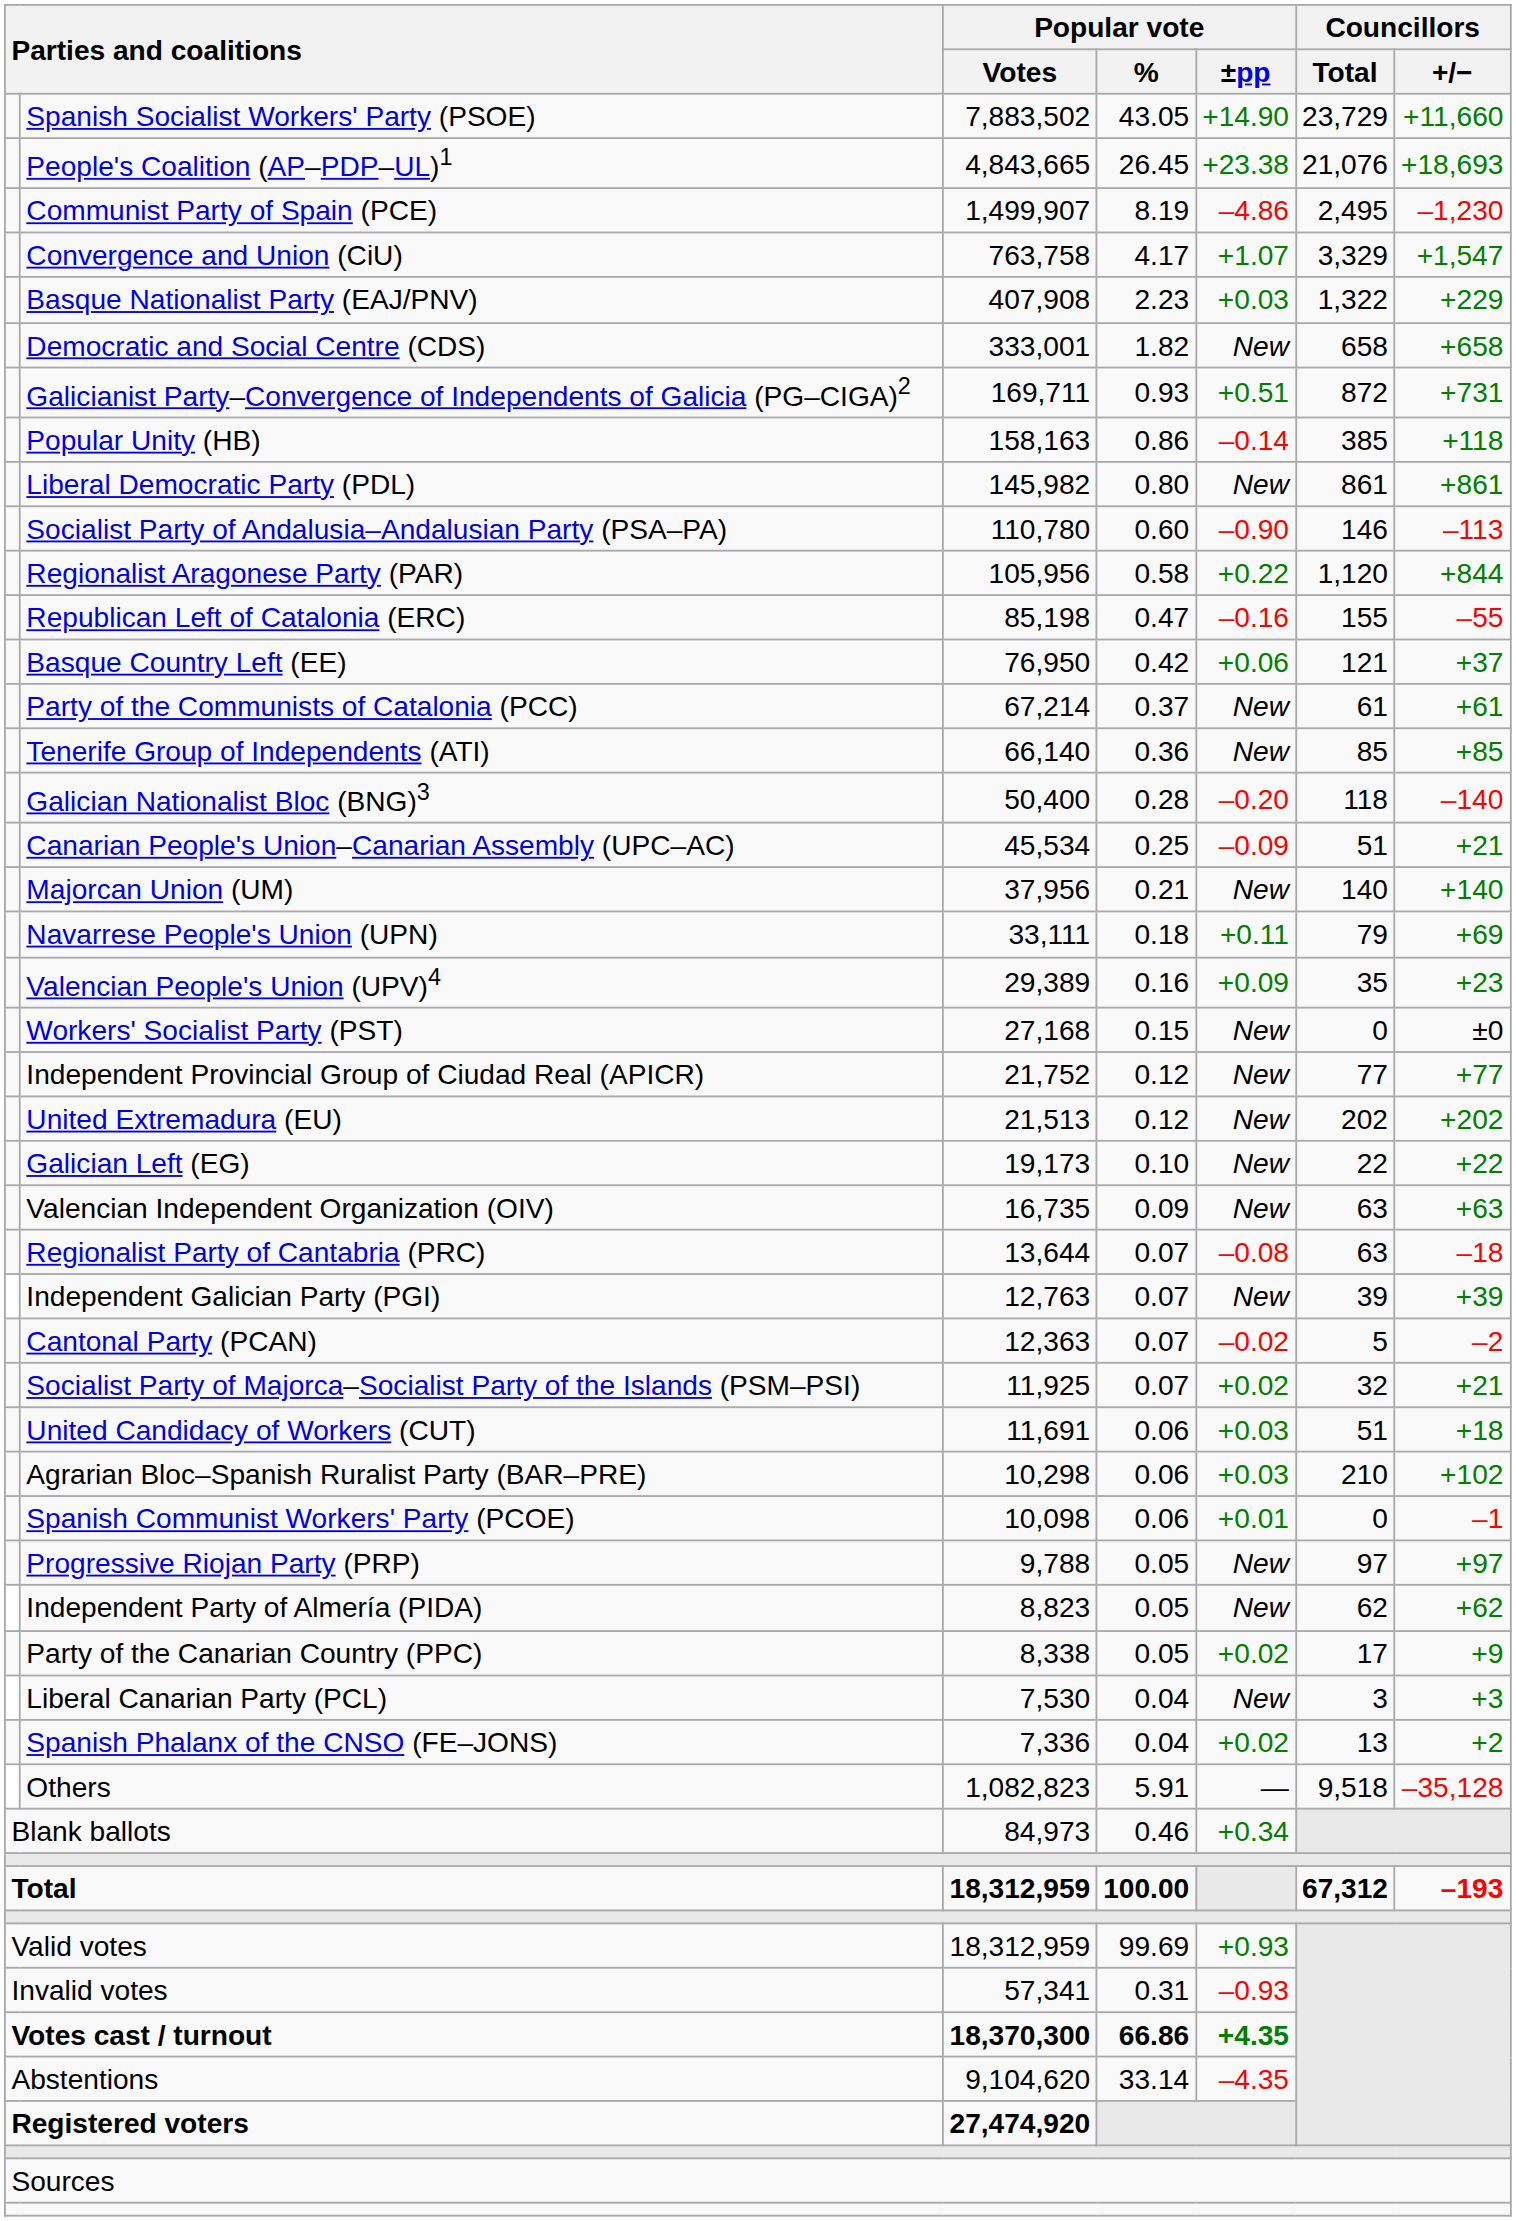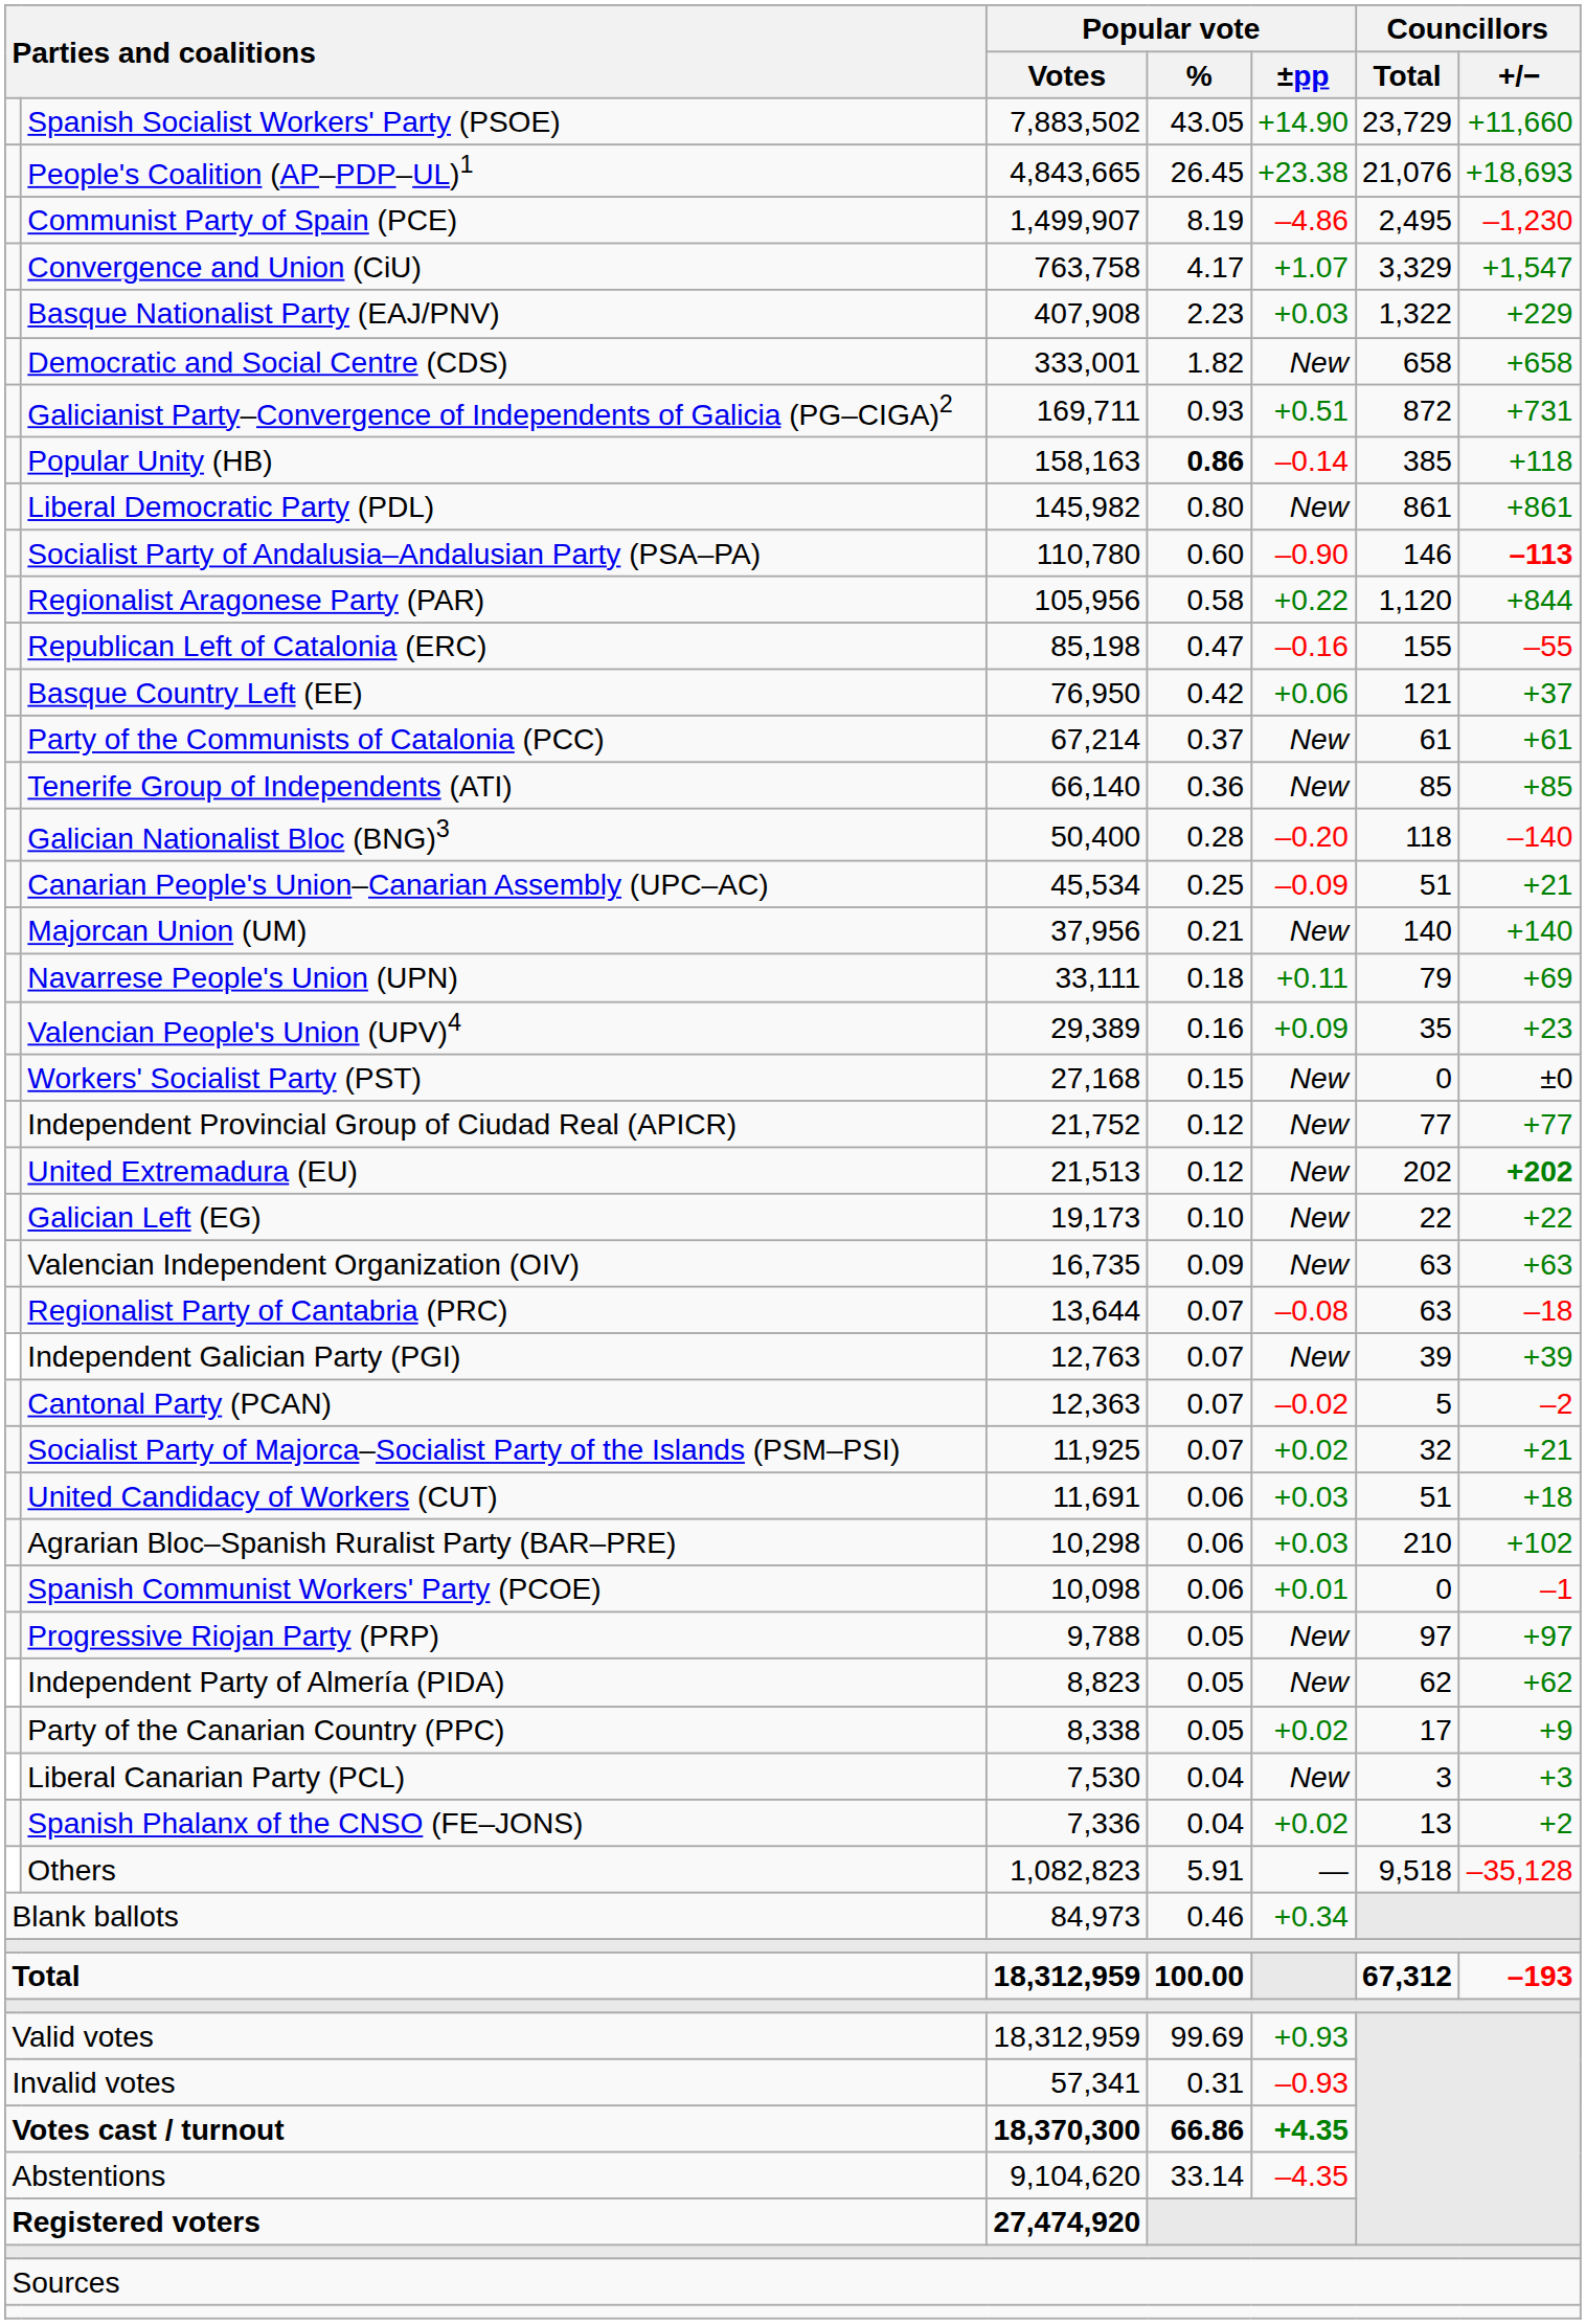 <table class="wikitable" style="text-align:right; font-size:95%;">
 <tr>
 <th style="text-align:left;" rowspan="2" colspan="2" width="500">Parties and coalitions</th>
 <th colspan="3">Popular vote</th>
 <th colspan="2">Councillors</th>
 </tr>
 <tr>
 <th width="75">Votes</th>
 <th width="45">%</th>
 <th width="45">±<a href='#'>pp</a></th>
 <th width="45">Total</th>
 <th width="45">+/−</th>
 </tr>
 <tr>
 <td width="1" style="color:inherit;background:"></td>
 <td align="left"><a href='#'>Spanish Socialist Workers' Party</a> (PSOE)</td>
 <td>7,883,502</td>
 <td>43.05</td>
 <td style="color:green;">+14.90</td>
 <td>23,729</td>
 <td style="color:green;">+11,660</td>
 </tr>
 <tr>
 <td style="color:inherit;background:"></td>
 <td align="left"><a href='#'>People's Coalition</a> (<a href='#'>AP</a>–<a href='#'>PDP</a>–<a href='#'>UL</a>)<sup>1</sup></td>
 <td>4,843,665</td>
 <td>26.45</td>
 <td style="color:green;">+23.38</td>
 <td>21,076</td>
 <td style="color:green;">+18,693</td>
 </tr>
 <tr>
 <td style="color:inherit;background:"></td>
 <td align="left"><a href='#'>Communist Party of Spain</a> (PCE)</td>
 <td>1,499,907</td>
 <td>8.19</td>
 <td style="color:red;">–4.86</td>
 <td>2,495</td>
 <td style="color:red;">–1,230</td>
 </tr>
 <tr>
 <td style="color:inherit;background:"></td>
 <td align="left"><a href='#'>Convergence and Union</a> (CiU)</td>
 <td>763,758</td>
 <td>4.17</td>
 <td style="color:green;">+1.07</td>
 <td>3,329</td>
 <td style="color:green;">+1,547</td>
 </tr>
 <tr>
 <td style="color:inherit;background:"></td>
 <td align="left"><a href='#'>Basque Nationalist Party</a> (EAJ/PNV)</td>
 <td>407,908</td>
 <td>2.23</td>
 <td style="color:green;">+0.03</td>
 <td>1,322</td>
 <td style="color:green;">+229</td>
 </tr>
 <tr>
 <td style="color:inherit;background:"></td>
 <td align="left"><a href='#'>Democratic and Social Centre</a> (CDS)</td>
 <td>333,001</td>
 <td>1.82</td>
 <td><em>New</em></td>
 <td>658</td>
 <td style="color:green;">+658</td>
 </tr>
 <tr>
 <td style="color:inherit;background:"></td>
 <td align="left"><a href='#'>Galicianist Party</a>–<a href='#'>Convergence of Independents of Galicia</a> (PG–CIGA)<sup>2</sup></td>
 <td>169,711</td>
 <td>0.93</td>
 <td style="color:green;">+0.51</td>
 <td>872</td>
 <td style="color:green;">+731</td>
 </tr>
 <tr>
 <td style="color:inherit;background:"></td>
 <td align="left"><a href='#'>Popular Unity</a> (HB)</td>
 <td>158,163</td>
-<td>0.86</td>
+<td><strong>0.86</strong></td>
 <td style="color:red;">–0.14</td>
 <td>385</td>
 <td style="color:green;">+118</td>
 </tr>
 <tr>
 <td style="color:inherit;background:"></td>
 <td align="left"><a href='#'>Liberal Democratic Party</a> (PDL)</td>
 <td>145,982</td>
 <td>0.80</td>
 <td><em>New</em></td>
 <td>861</td>
 <td style="color:green;">+861</td>
 </tr>
 <tr>
 <td style="color:inherit;background:"></td>
 <td align="left"><a href='#'>Socialist Party of Andalusia–Andalusian Party</a> (PSA–PA)</td>
 <td>110,780</td>
 <td>0.60</td>
 <td style="color:red;">–0.90</td>
 <td>146</td>
-<td style="color:red;">–113</td>
+<td style="color:red;"><strong>–113</strong></td>
 </tr>
 <tr>
 <td style="color:inherit;background:"></td>
 <td align="left"><a href='#'>Regionalist Aragonese Party</a> (PAR)</td>
 <td>105,956</td>
 <td>0.58</td>
 <td style="color:green;">+0.22</td>
 <td>1,120</td>
 <td style="color:green;">+844</td>
 </tr>
 <tr>
 <td style="color:inherit;background:"></td>
 <td align="left"><a href='#'>Republican Left of Catalonia</a> (ERC)</td>
 <td>85,198</td>
 <td>0.47</td>
 <td style="color:red;">–0.16</td>
 <td>155</td>
 <td style="color:red;">–55</td>
 </tr>
 <tr>
 <td style="color:inherit;background:"></td>
 <td align="left"><a href='#'>Basque Country Left</a> (EE)</td>
 <td>76,950</td>
 <td>0.42</td>
 <td style="color:green;">+0.06</td>
 <td>121</td>
 <td style="color:green;">+37</td>
 </tr>
 <tr>
 <td style="color:inherit;background:"></td>
 <td align="left"><a href='#'>Party of the Communists of Catalonia</a> (PCC)</td>
 <td>67,214</td>
 <td>0.37</td>
 <td><em>New</em></td>
 <td>61</td>
 <td style="color:green;">+61</td>
 </tr>
 <tr>
 <td style="color:inherit;background:"></td>
 <td align="left"><a href='#'>Tenerife Group of Independents</a> (ATI)</td>
 <td>66,140</td>
 <td>0.36</td>
 <td><em>New</em></td>
 <td>85</td>
 <td style="color:green;">+85</td>
 </tr>
 <tr>
 <td style="color:inherit;background:"></td>
 <td align="left"><a href='#'>Galician Nationalist Bloc</a> (BNG)<sup>3</sup></td>
 <td>50,400</td>
 <td>0.28</td>
 <td style="color:red;">–0.20</td>
 <td>118</td>
 <td style="color:red;">–140</td>
 </tr>
 <tr>
 <td style="color:inherit;background:"></td>
 <td align="left"><a href='#'>Canarian People's Union</a>–<a href='#'>Canarian Assembly</a> (UPC–AC)</td>
 <td>45,534</td>
 <td>0.25</td>
 <td style="color:red;">–0.09</td>
 <td>51</td>
 <td style="color:green;">+21</td>
 </tr>
 <tr>
 <td style="color:inherit;background:"></td>
 <td align="left"><a href='#'>Majorcan Union</a> (UM)</td>
 <td>37,956</td>
 <td>0.21</td>
 <td><em>New</em></td>
 <td>140</td>
 <td style="color:green;">+140</td>
 </tr>
 <tr>
 <td style="color:inherit;background:"></td>
 <td align="left"><a href='#'>Navarrese People's Union</a> (UPN)</td>
 <td>33,111</td>
 <td>0.18</td>
 <td style="color:green;">+0.11</td>
 <td>79</td>
 <td style="color:green;">+69</td>
 </tr>
 <tr>
 <td style="color:inherit;background:"></td>
 <td align="left"><a href='#'>Valencian People's Union</a> (UPV)<sup>4</sup></td>
 <td>29,389</td>
 <td>0.16</td>
 <td style="color:green;">+0.09</td>
 <td>35</td>
 <td style="color:green;">+23</td>
 </tr>
 <tr>
 <td style="color:inherit;background:"></td>
 <td align="left"><a href='#'>Workers' Socialist Party</a> (PST)</td>
 <td>27,168</td>
 <td>0.15</td>
 <td><em>New</em></td>
 <td>0</td>
 <td>±0</td>
 </tr>
 <tr>
 <td style="color:inherit;background:"></td>
 <td align="left">Independent Provincial Group of Ciudad Real (APICR)</td>
 <td>21,752</td>
 <td>0.12</td>
 <td><em>New</em></td>
 <td>77</td>
 <td style="color:green;">+77</td>
 </tr>
 <tr>
 <td style="color:inherit;background:"></td>
 <td align="left"><a href='#'>United Extremadura</a> (EU)</td>
 <td>21,513</td>
 <td>0.12</td>
 <td><em>New</em></td>
 <td>202</td>
-<td style="color:green;">+202</td>
+<td style="color:green;"><strong>+202</strong></td>
 </tr>
 <tr>
 <td style="color:inherit;background:"></td>
 <td align="left"><a href='#'>Galician Left</a> (EG)</td>
 <td>19,173</td>
 <td>0.10</td>
 <td><em>New</em></td>
 <td>22</td>
 <td style="color:green;">+22</td>
 </tr>
 <tr>
 <td style="color:inherit;background:"></td>
 <td align="left">Valencian Independent Organization (OIV)</td>
 <td>16,735</td>
 <td>0.09</td>
 <td><em>New</em></td>
 <td>63</td>
 <td style="color:green;">+63</td>
 </tr>
 <tr>
 <td style="color:inherit;background:"></td>
 <td align="left"><a href='#'>Regionalist Party of Cantabria</a> (PRC)</td>
 <td>13,644</td>
 <td>0.07</td>
 <td style="color:red;">–0.08</td>
 <td>63</td>
 <td style="color:red;">–18</td>
 </tr>
 <tr>
 <td bgcolor="white"></td>
 <td align="left">Independent Galician Party (PGI)</td>
 <td>12,763</td>
 <td>0.07</td>
 <td><em>New</em></td>
 <td>39</td>
 <td style="color:green;">+39</td>
 </tr>
 <tr>
 <td style="color:inherit;background:"></td>
 <td align="left"><a href='#'>Cantonal Party</a> (PCAN)</td>
 <td>12,363</td>
 <td>0.07</td>
 <td style="color:red;">–0.02</td>
 <td>5</td>
 <td style="color:red;">–2</td>
 </tr>
 <tr>
 <td style="color:inherit;background:"></td>
 <td align="left"><a href='#'>Socialist Party of Majorca</a>–<a href='#'>Socialist Party of the Islands</a> (PSM–PSI)</td>
 <td>11,925</td>
 <td>0.07</td>
 <td style="color:green;">+0.02</td>
 <td>32</td>
 <td style="color:green;">+21</td>
 </tr>
 <tr>
 <td style="color:inherit;background:"></td>
 <td align="left"><a href='#'>United Candidacy of Workers</a> (CUT)</td>
 <td>11,691</td>
 <td>0.06</td>
 <td style="color:green;">+0.03</td>
 <td>51</td>
 <td style="color:green;">+18</td>
 </tr>
 <tr>
 <td style="color:inherit;background:"></td>
 <td align="left">Agrarian Bloc–Spanish Ruralist Party (BAR–PRE)</td>
 <td>10,298</td>
 <td>0.06</td>
 <td style="color:green;">+0.03</td>
 <td>210</td>
 <td style="color:green;">+102</td>
 </tr>
 <tr>
 <td style="color:inherit;background:"></td>
 <td align="left"><a href='#'>Spanish Communist Workers' Party</a> (PCOE)</td>
 <td>10,098</td>
 <td>0.06</td>
 <td style="color:green;">+0.01</td>
 <td>0</td>
 <td style="color:red;">–1</td>
 </tr>
 <tr>
 <td style="color:inherit;background:"></td>
 <td align="left"><a href='#'>Progressive Riojan Party</a> (PRP)</td>
 <td>9,788</td>
 <td>0.05</td>
 <td><em>New</em></td>
 <td>97</td>
 <td style="color:green;">+97</td>
 </tr>
 <tr>
 <td bgcolor="white"></td>
 <td align="left">Independent Party of Almería (PIDA)</td>
 <td>8,823</td>
 <td>0.05</td>
 <td><em>New</em></td>
 <td>62</td>
 <td style="color:green;">+62</td>
 </tr>
 <tr>
 <td style="color:inherit;background:"></td>
 <td align="left">Party of the Canarian Country (PPC)</td>
 <td>8,338</td>
 <td>0.05</td>
 <td style="color:green;">+0.02</td>
 <td>17</td>
 <td style="color:green;">+9</td>
 </tr>
 <tr>
 <td bgcolor="white"></td>
 <td align="left">Liberal Canarian Party (PCL)</td>
 <td>7,530</td>
 <td>0.04</td>
 <td><em>New</em></td>
 <td>3</td>
 <td style="color:green;">+3</td>
 </tr>
 <tr>
 <td style="color:inherit;background:"></td>
 <td align="left"><a href='#'>Spanish Phalanx of the CNSO</a> (FE–JONS)</td>
 <td>7,336</td>
 <td>0.04</td>
 <td style="color:green;">+0.02</td>
 <td>13</td>
 <td style="color:green;">+2</td>
 </tr>
 <tr>
 <td bgcolor="white"></td>
 <td align="left">Others</td>
 <td>1,082,823</td>
 <td>5.91</td>
 <td>—</td>
 <td>9,518</td>
 <td style="color:red;">–35,128</td>
 </tr>
 <tr>
 <td align="left" colspan="2">Blank ballots</td>
 <td>84,973</td>
 <td>0.46</td>
 <td style="color:green;">+0.34</td>
 <td bgcolor="#E9E9E9" colspan="2"></td>
 </tr>
 <tr>
 <td colspan="7" bgcolor="#E9E9E9"></td>
 </tr>
 <tr style="font-weight:bold;">
 <td align="left" colspan="2">Total</td>
 <td>18,312,959</td>
 <td>100.00</td>
 <td bgcolor="#E9E9E9"></td>
 <td>67,312</td>
 <td style="color:red;">–193</td>
 </tr>
 <tr>
 <td colspan="7" bgcolor="#E9E9E9"></td>
 </tr>
 <tr>
 <td align="left" colspan="2">Valid votes</td>
 <td>18,312,959</td>
 <td>99.69</td>
 <td style="color:green;">+0.93</td>
 <td bgcolor="#E9E9E9" colspan="2" rowspan="5"></td>
 </tr>
 <tr>
 <td align="left" colspan="2">Invalid votes</td>
 <td>57,341</td>
 <td>0.31</td>
 <td style="color:red;">–0.93</td>
 </tr>
 <tr style="font-weight:bold;">
 <td align="left" colspan="2">Votes cast / turnout</td>
 <td>18,370,300</td>
 <td>66.86</td>
 <td style="color:green;">+4.35</td>
 </tr>
 <tr>
 <td align="left" colspan="2">Abstentions</td>
 <td>9,104,620</td>
 <td>33.14</td>
 <td style="color:red;">–4.35</td>
 </tr>
 <tr style="font-weight:bold;">
 <td align="left" colspan="2">Registered voters</td>
 <td>27,474,920</td>
 <td bgcolor="#E9E9E9" colspan="2"></td>
 </tr>
 <tr>
 <td colspan="7" bgcolor="#E9E9E9"></td>
 </tr>
 <tr>
 <td align="left" colspan="7">Sources</td>
 </tr>
 <tr>
 <td colspan="7" style="text-align:left; font-size:95%; max-width:790px;"></td>
 </tr>
 </table>
